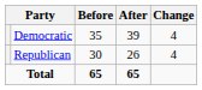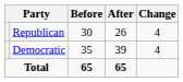 <table class="wikitable" style="text-align:center;">
 <tr>
 <th colspan="2">Party</th>
 <th>Before</th>
 <th>After</th>
 <th>Change</th>
 </tr>
 <tr>
 <th style="background-color:"></th>
-<td style="text-align:left;"><a href='#'>Democratic</a></td>
-<td>35</td>
-<td>39</td>
+<td style="text-align:left;"><a href='#'>Republican</a></td>
+<td>30</td>
+<td>26</td>
 <td> 4</td>
 </tr>
 <tr>
 <th style="background-color:"></th>
-<td style="text-align:left;"><a href='#'>Republican</a></td>
-<td>30</td>
-<td>26</td>
+<td style="text-align:left;"><a href='#'>Democratic</a></td>
+<td>35</td>
+<td>39</td>
 <td> 4</td>
 </tr>
 <tr>
 <td colspan="2"><strong>Total</strong></td>
 <td><strong>65</strong></td>
 <td><strong>65</strong></td>
 <td></td>
 </tr>
 </table>
